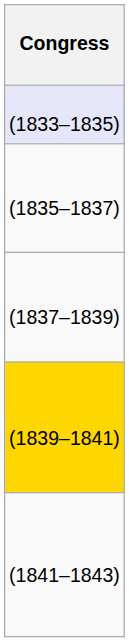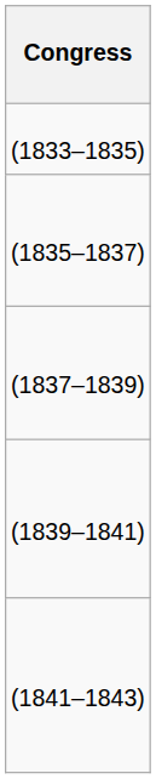 <table class="wikitable" style="float:left; margin:0; margin-right:-0.5px; margin-top:14px; text-align:center;">
 <tr style="white-space:nowrap; height:4.1em;">
 <th>Congress</th>
 </tr>
 <tr style="white-space:nowrap; height:3em;">
-<td style="background: lavender;"><strong></strong><br>(1833–1835)</td>
+<td><strong></strong><br>(1833–1835)</td>
 </tr>
 <tr style="white-space:nowrap; height:5.6em">
 <td><strong></strong><br>(1835–1837)</td>
 </tr>
 <tr style="white-space:nowrap; height:5.6em">
 <td><strong></strong><br>(1837–1839)</td>
 </tr>
 <tr style="white-space:nowrap; height:6.7em">
-<td style="background: gold;"><strong></strong><br>(1839–1841)</td>
+<td><strong></strong><br>(1839–1841)</td>
 </tr>
 <tr style="white-space:nowrap; height:7.4em">
 <td><strong></strong><br>(1841–1843)</td>
 </tr>
 </table>
